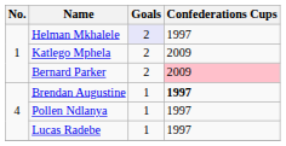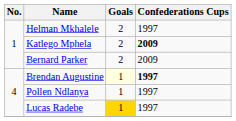 <table class="wikitable" style="text-align: left;">
 <tr>
 <th>No.</th>
 <th>Name</th>
 <th>Goals</th>
 <th>Confederations Cups</th>
 </tr>
 <tr>
 <td rowspan=3 align=center>1</td>
 <td><a href='#'>Helman Mkhalele</a></td>
-<td align=center style="background: lavender;">2</td>
+<td align=center>2</td>
 <td>1997</td>
 </tr>
 <tr>
 <td><a href='#'>Katlego Mphela</a></td>
 <td align=center>2</td>
-<td>2009</td>
+<td><strong>2009</strong></td>
 </tr>
 <tr>
 <td><a href='#'>Bernard Parker</a></td>
 <td align=center>2</td>
-<td style="background: pink;">2009</td>
+<td>2009</td>
 </tr>
 <tr>
 <td rowspan=3 align=center>4</td>
 <td><a href='#'>Brendan Augustine</a></td>
-<td align=center>1</td>
+<td align=center style="background: lightyellow;">1</td>
 <td><strong>1997</strong></td>
 </tr>
 <tr>
 <td><a href='#'>Pollen Ndlanya</a></td>
 <td align=center>1</td>
 <td>1997</td>
 </tr>
 <tr>
 <td><a href='#'>Lucas Radebe</a></td>
-<td align=center>1</td>
+<td align=center style="background: gold;">1</td>
 <td>1997</td>
 </tr>
 <tr>
 </tr>
 </table>
